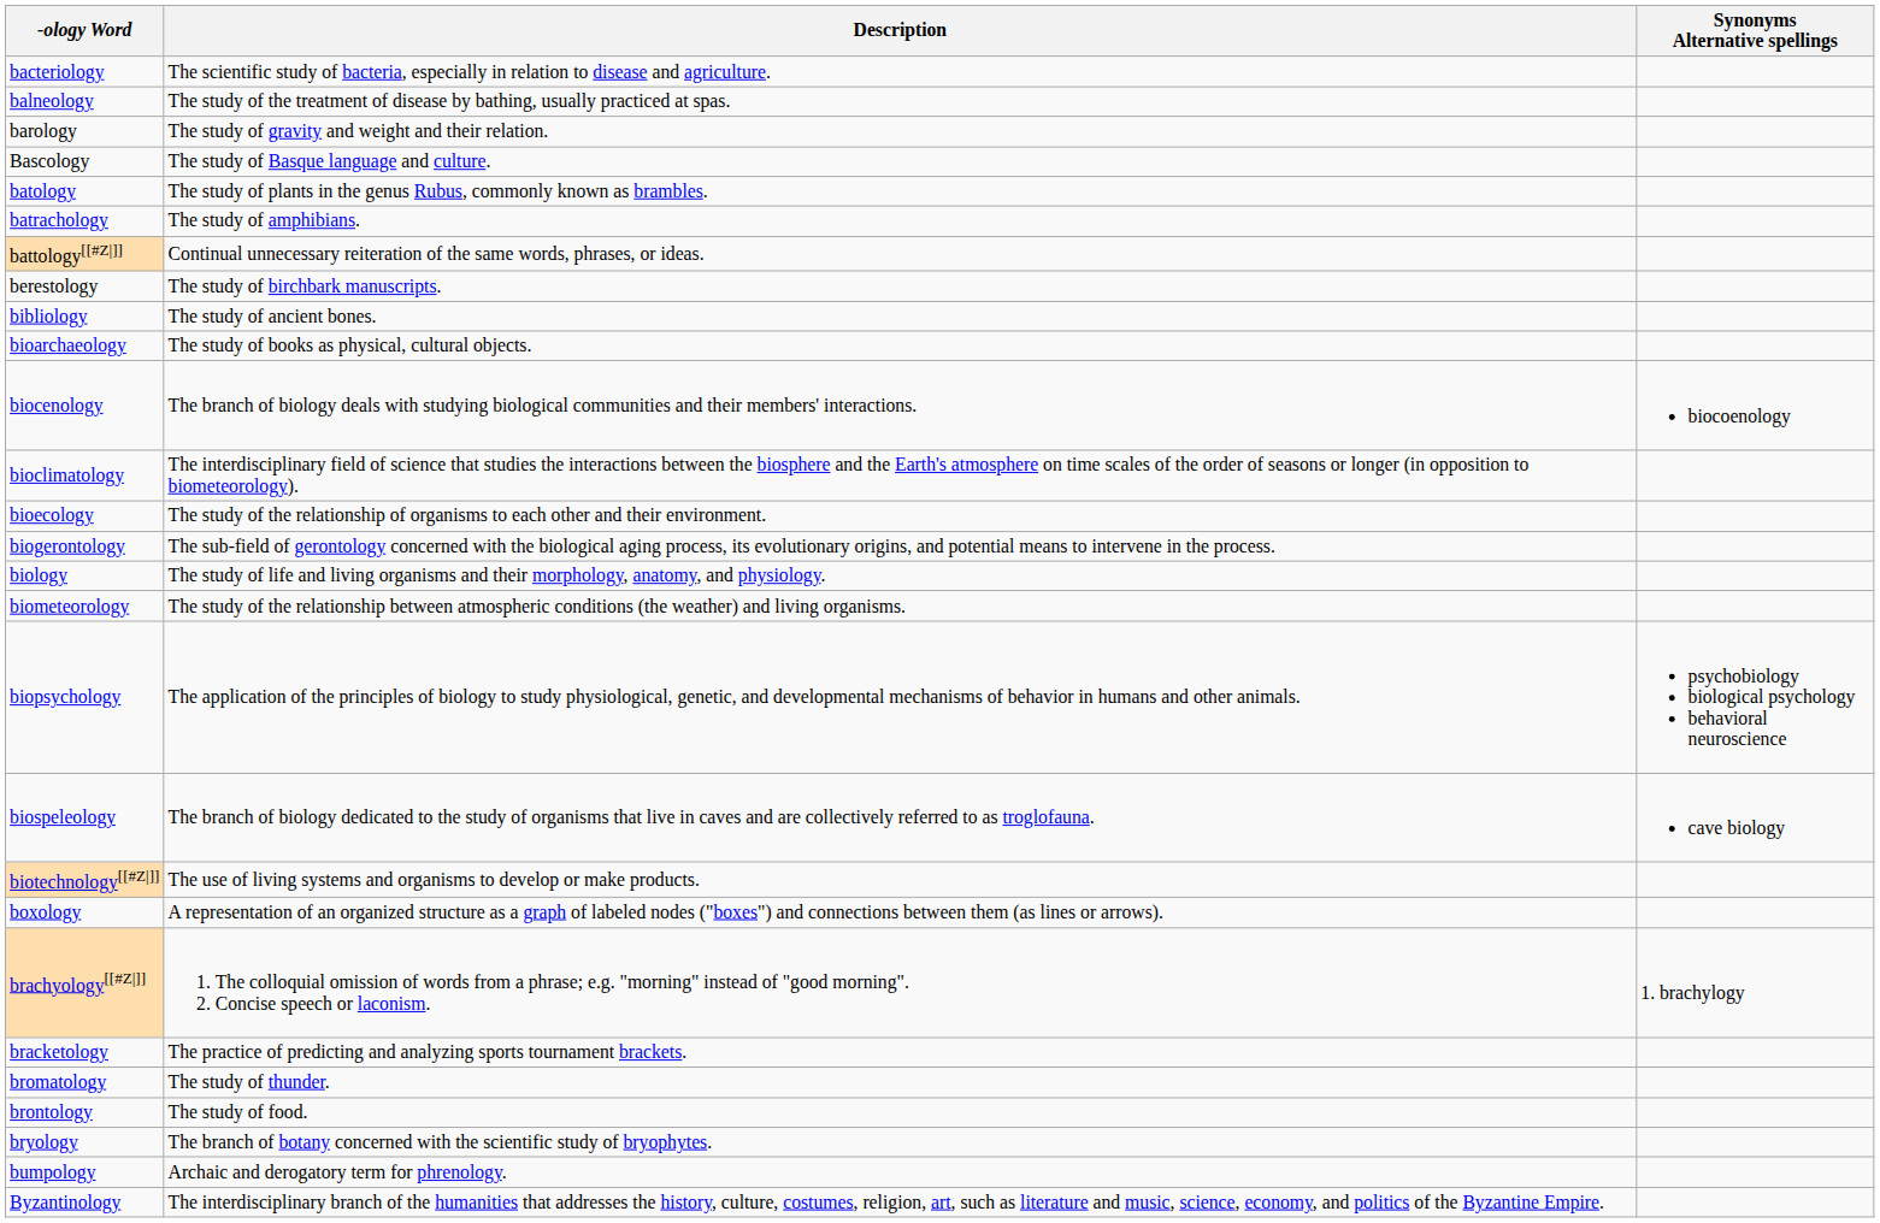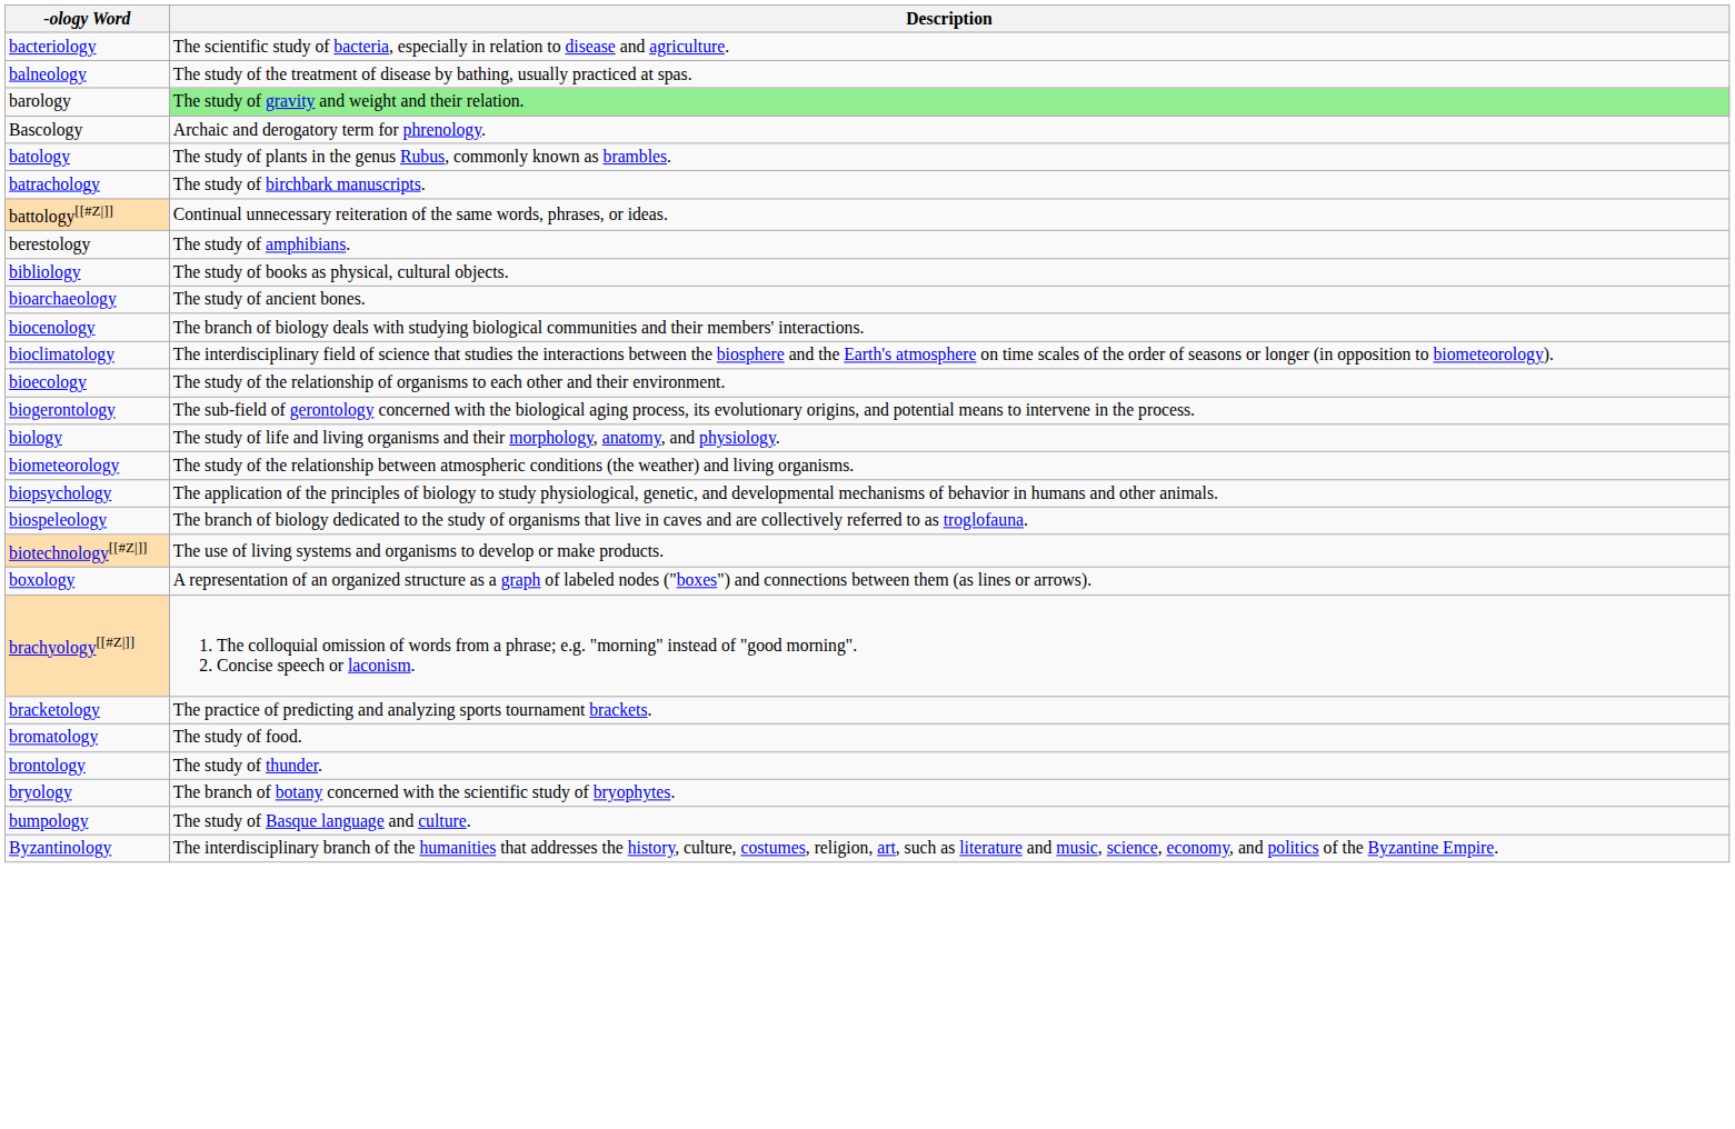 <table class="wikitable" style="width:100%;">
 <tr>
 <th><em>-ology Word</em></th>
 <th>Description</th>
-<th>Synonyms<br>Alternative spellings</th>
 </tr>
 <tr>
 <td><a href='#'>bacteriology</a></td>
 <td>The scientific study of <a href='#'>bacteria</a>, especially in relation to <a href='#'>disease</a> and <a href='#'>agriculture</a>.</td>
-<td></td>
 </tr>
 <tr>
 <td><a href='#'>balneology</a></td>
 <td>The study of the treatment of disease by bathing, usually practiced at spas.</td>
-<td></td>
 </tr>
 <tr>
 <td>barology</td>
-<td>The study of <a href='#'>gravity</a> and weight and their relation.</td>
-<td></td>
+<td style="background: lightgreen;">The study of <a href='#'>gravity</a> and weight and their relation.</td>
 </tr>
 <tr>
 <td>Bascology</td>
-<td>The study of <a href='#'>Basque language</a> and <a href='#'>culture</a>.</td>
-<td></td>
+<td>Archaic and derogatory term for <a href='#'>phrenology</a>.</td>
 </tr>
 <tr>
 <td><a href='#'>batology</a></td>
 <td>The study of plants in the genus <a href='#'>Rubus</a>, commonly known as <a href='#'>brambles</a>.</td>
-<td></td>
 </tr>
 <tr>
 <td><a href='#'>batrachology</a></td>
-<td>The study of <a href='#'>amphibians</a>.</td>
-<td></td>
+<td>The study of <a href='#'>birchbark manuscripts</a>.</td>
 </tr>
 <tr>
 <td style="background: #ffdead">battology<sup>[[#Z|]]</sup></td>
 <td>Continual unnecessary reiteration of the same words, phrases, or ideas.</td>
-<td></td>
 </tr>
 <tr>
 <td>berestology</td>
-<td>The study of <a href='#'>birchbark manuscripts</a>.</td>
-<td></td>
+<td>The study of <a href='#'>amphibians</a>.</td>
 </tr>
 <tr>
 <td><a href='#'>bibliology</a></td>
-<td>The study of ancient bones.</td>
-<td></td>
+<td>The study of books as physical, cultural objects.</td>
 </tr>
 <tr>
 <td><a href='#'>bioarchaeology</a></td>
-<td>The study of books as physical, cultural objects.</td>
-<td></td>
+<td>The study of ancient bones.</td>
 </tr>
 <tr>
 <td><a href='#'>biocenology</a></td>
 <td>The branch of biology deals with studying biological communities and their members' interactions.</td>
-<td><br><ul><li>biocoenology</li></ul></td>
 </tr>
 <tr>
 <td><a href='#'>bioclimatology</a></td>
 <td>The interdisciplinary field of science that studies the interactions between the <a href='#'>biosphere</a> and the <a href='#'>Earth's atmosphere</a> on time scales of the order of seasons or longer (in opposition to <a href='#'>biometeorology</a>).</td>
-<td></td>
 </tr>
 <tr>
 <td><a href='#'>bioecology</a></td>
 <td>The study of the relationship of organisms to each other and their environment.</td>
-<td></td>
 </tr>
 <tr>
 <td><a href='#'>biogerontology</a></td>
 <td>The sub-field of <a href='#'>gerontology</a> concerned with the biological aging process, its evolutionary origins, and potential means to intervene in the process.</td>
-<td></td>
 </tr>
 <tr>
 <td><a href='#'>biology</a></td>
 <td>The study of life and living organisms and their <a href='#'>morphology</a>, <a href='#'>anatomy</a>, and <a href='#'>physiology</a>.</td>
-<td></td>
 </tr>
 <tr>
 <td><a href='#'>biometeorology</a></td>
 <td>The study of the relationship between atmospheric conditions (the weather) and living organisms.</td>
-<td></td>
 </tr>
 <tr>
 <td><a href='#'>biopsychology</a></td>
 <td>The application of the principles of biology to study physiological, genetic, and developmental mechanisms of behavior in humans and other animals.</td>
-<td><br><ul><li>psychobiology</li><li>biological psychology</li><li>behavioral neuroscience</li></ul></td>
 </tr>
 <tr>
 <td><a href='#'>biospeleology</a></td>
 <td>The branch of biology dedicated to the study of organisms that live in caves and are collectively referred to as <a href='#'>troglofauna</a>.</td>
-<td><br><ul><li>cave biology</li></ul></td>
 </tr>
 <tr>
 <td style="background: #ffdead"><a href='#'>biotechnology</a><sup>[[#Z|]]</sup></td>
 <td>The use of living systems and organisms to develop or make products.</td>
-<td></td>
 </tr>
 <tr>
 <td><a href='#'>boxology</a></td>
 <td>A representation of an organized structure as a <a href='#'>graph</a> of labeled nodes ("<a href='#'>boxes</a>") and connections between them (as lines or arrows).</td>
-<td></td>
 </tr>
 <tr>
 <td style="background: #ffdead"><a href='#'>brachyology</a><sup>[[#Z|]]</sup></td>
 <td><br><ol><li>The colloquial omission of words from a phrase; e.g. "morning" instead of "good morning".</li><li>Concise speech or <a href='#'>laconism</a>.</li></ol></td>
-<td><br>1. brachylogy</td>
 </tr>
 <tr>
 <td><a href='#'>bracketology</a></td>
 <td>The practice of predicting and analyzing sports tournament <a href='#'>brackets</a>.</td>
-<td></td>
 </tr>
 <tr>
 <td><a href='#'>bromatology</a></td>
-<td>The study of <a href='#'>thunder</a>.</td>
-<td></td>
+<td>The study of food.</td>
 </tr>
 <tr>
 <td><a href='#'>brontology</a></td>
-<td>The study of food.</td>
-<td></td>
+<td>The study of <a href='#'>thunder</a>.</td>
 </tr>
 <tr>
 <td><a href='#'>bryology</a></td>
 <td>The branch of <a href='#'>botany</a> concerned with the scientific study of <a href='#'>bryophytes</a>.</td>
-<td></td>
 </tr>
 <tr>
 <td><a href='#'>bumpology</a></td>
-<td>Archaic and derogatory term for <a href='#'>phrenology</a>.</td>
-<td></td>
+<td>The study of <a href='#'>Basque language</a> and <a href='#'>culture</a>.</td>
 </tr>
 <tr>
 <td><a href='#'>Byzantinology</a></td>
 <td>The interdisciplinary branch of the <a href='#'>humanities</a> that addresses the <a href='#'>history</a>, culture, <a href='#'>costumes</a>, religion, <a href='#'>art</a>, such as <a href='#'>literature</a> and <a href='#'>music</a>, <a href='#'>science</a>, <a href='#'>economy</a>, and <a href='#'>politics</a> of the <a href='#'>Byzantine Empire</a>.</td>
-<td></td>
 </tr>
 </table>
